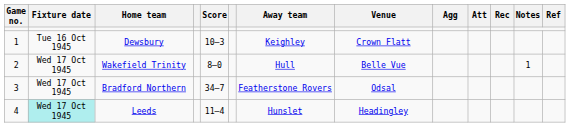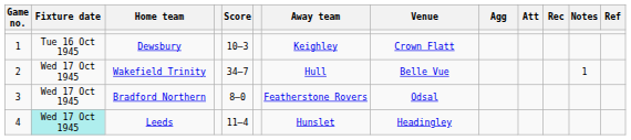 <table class="wikitable" style="text-align:center;">
 <tr>
 <th width=20 abbr="No">Game no.</th>
 <th width=100 abbr="Date">Fixture date</th>
 <th width=150 abbr="Home team">Home team</th>
 <th width=5 abbr="space"></th>
 <th width=20 abbr="Score">Score</th>
 <th width=5 abbr="space"></th>
 <th width=150 abbr="Away team">Away team</th>
 <th width=150 abbr="Venue">Venue</th>
 <th width=50 abbr="agg">Agg</th>
 <th width=30 abbr="Att">Att</th>
 <th width=30 abbr="Rec">Rec</th>
 <th width=20 abbr="Notes">Notes</th>
 <th width=30 abbr="Ref">Ref</th>
 </tr>
 <tr>
 <td></td>
 <td></td>
 <td></td>
 <td></td>
 <td></td>
 <td></td>
 <td></td>
 <td></td>
 <td></td>
 <td></td>
 <td></td>
 </tr>
 <tr>
 <td>1</td>
 <td>Tue 16 Oct 1945</td>
 <td><a href='#'>Dewsbury</a></td>
 <td></td>
 <td>10–3</td>
 <td></td>
 <td><a href='#'>Keighley</a></td>
 <td><a href='#'>Crown Flatt</a></td>
 <td></td>
 <td></td>
 <td></td>
 <td></td>
 <td></td>
 </tr>
 <tr>
 <td>2</td>
 <td>Wed 17 Oct 1945</td>
 <td><a href='#'>Wakefield Trinity</a></td>
 <td></td>
-<td>8–0</td>
+<td>34–7</td>
 <td></td>
 <td><a href='#'>Hull</a></td>
 <td><a href='#'>Belle Vue</a></td>
 <td></td>
 <td></td>
 <td></td>
 <td>1</td>
 <td></td>
 </tr>
 <tr>
 <td>3</td>
 <td>Wed 17 Oct 1945</td>
 <td><a href='#'>Bradford Northern</a></td>
 <td></td>
-<td>34–7</td>
+<td>8–0</td>
 <td></td>
 <td><a href='#'>Featherstone Rovers</a></td>
 <td><a href='#'>Odsal</a></td>
 <td></td>
 <td></td>
 <td></td>
 <td></td>
 <td></td>
 </tr>
 <tr>
 <td>4</td>
 <td style="background: paleturquoise;">Wed 17 Oct 1945</td>
 <td><a href='#'>Leeds</a></td>
 <td></td>
 <td>11–4</td>
 <td></td>
 <td><a href='#'>Hunslet</a></td>
 <td><a href='#'>Headingley</a></td>
 <td></td>
 <td></td>
 <td></td>
 <td></td>
 <td></td>
 </tr>
 </table>
